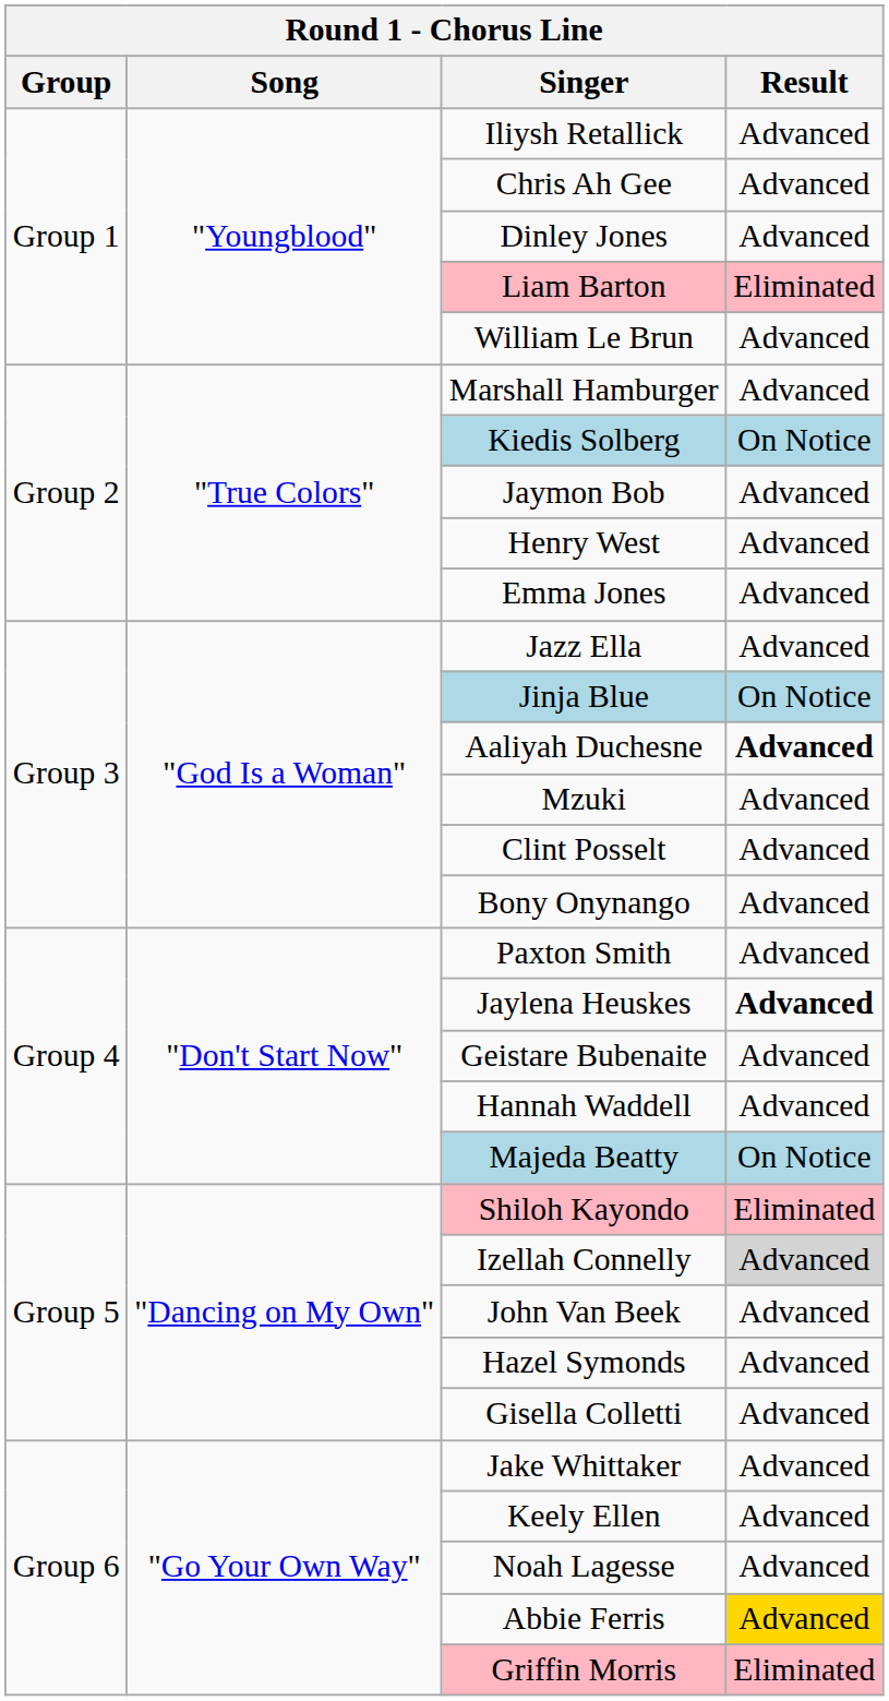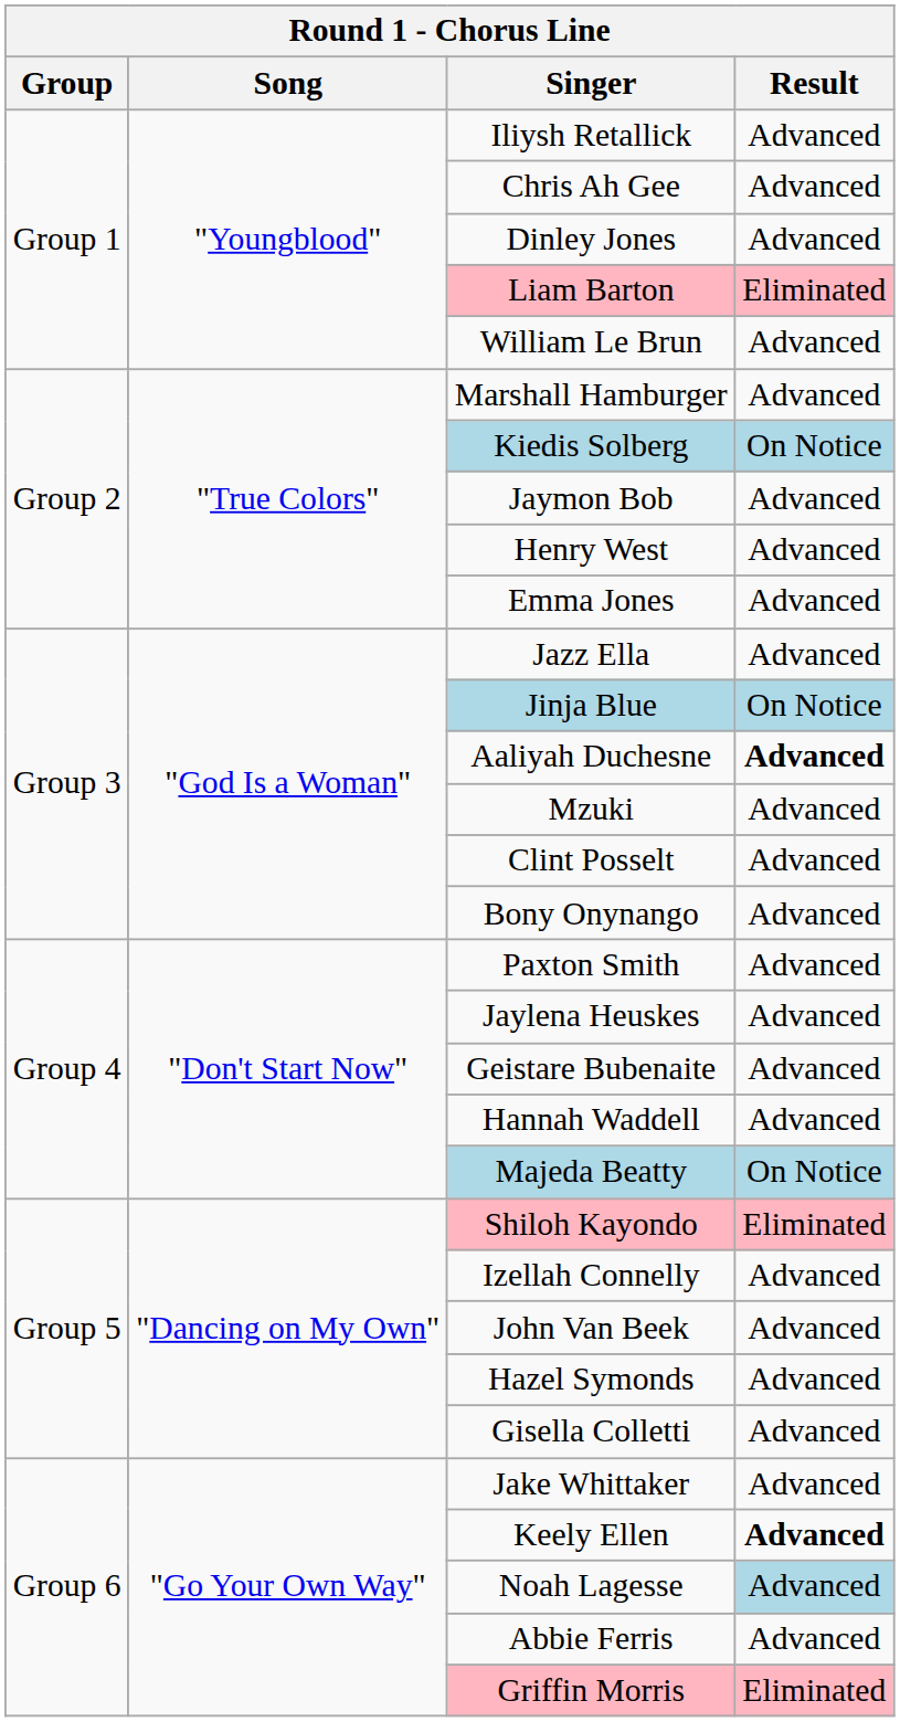 <table class="wikitable plainrowheaders" style="text-align:center;">
 <tr>
 <th colspan=4>Round 1 - Chorus Line</th>
 </tr>
 <tr>
 <th scope="col">Group</th>
 <th scope="col">Song</th>
 <th scope="col">Singer</th>
 <th scope="col">Result</th>
 </tr>
 <tr>
 <td rowspan="5">Group 1</td>
 <td rowspan="5">"<a href='#'>Youngblood</a>"</td>
 <td>Iliysh Retallick</td>
 <td>Advanced</td>
 </tr>
 <tr>
 <td>Chris Ah Gee</td>
 <td>Advanced</td>
 </tr>
 <tr>
 <td>Dinley Jones</td>
 <td>Advanced</td>
 </tr>
 <tr>
 <td style="background-color:lightpink">Liam Barton</td>
 <td style="background-color:lightpink">Eliminated</td>
 </tr>
 <tr>
 <td>William Le Brun</td>
 <td>Advanced</td>
 </tr>
 <tr>
 <td rowspan="5">Group 2</td>
 <td rowspan="5">"<a href='#'>True Colors</a>"</td>
 <td>Marshall Hamburger</td>
 <td>Advanced</td>
 </tr>
 <tr>
 <td style="background-color:lightblue">Kiedis Solberg</td>
 <td style="background-color:lightblue">On Notice</td>
 </tr>
 <tr>
 <td>Jaymon Bob</td>
 <td>Advanced</td>
 </tr>
 <tr>
 <td>Henry West</td>
 <td>Advanced</td>
 </tr>
 <tr>
 <td>Emma Jones</td>
 <td>Advanced</td>
 </tr>
 <tr>
 <td rowspan="6">Group 3</td>
 <td rowspan="6">"<a href='#'>God Is a Woman</a>"</td>
 <td>Jazz Ella</td>
 <td>Advanced</td>
 </tr>
 <tr>
 <td style="background-color:lightblue">Jinja Blue</td>
 <td style="background-color:lightblue">On Notice</td>
 </tr>
 <tr>
 <td>Aaliyah Duchesne</td>
 <td><strong>Advanced</strong></td>
 </tr>
 <tr>
 <td>Mzuki</td>
 <td>Advanced</td>
 </tr>
 <tr>
 <td>Clint Posselt</td>
 <td>Advanced</td>
 </tr>
 <tr>
 <td>Bony Onynango</td>
 <td>Advanced</td>
 </tr>
 <tr>
 <td rowspan="5">Group 4</td>
 <td rowspan="5">"<a href='#'>Don't Start Now</a>"</td>
 <td>Paxton Smith</td>
 <td>Advanced</td>
 </tr>
 <tr>
 <td>Jaylena Heuskes</td>
-<td><strong>Advanced</strong></td>
+<td>Advanced</td>
 </tr>
 <tr>
 <td>Geistare Bubenaite</td>
 <td>Advanced</td>
 </tr>
 <tr>
 <td>Hannah Waddell</td>
 <td>Advanced</td>
 </tr>
 <tr>
 <td style="background-color:lightblue">Majeda Beatty</td>
 <td style="background-color:lightblue">On Notice</td>
 </tr>
 <tr>
 <td rowspan="5">Group 5</td>
 <td rowspan="5">"<a href='#'>Dancing on My Own</a>"</td>
 <td style="background-color:lightpink">Shiloh Kayondo</td>
 <td style="background-color:lightpink">Eliminated</td>
 </tr>
 <tr>
 <td>Izellah Connelly</td>
-<td style="background: lightgrey;">Advanced</td>
+<td>Advanced</td>
 </tr>
 <tr>
 <td>John Van Beek</td>
 <td>Advanced</td>
 </tr>
 <tr>
 <td>Hazel Symonds</td>
 <td>Advanced</td>
 </tr>
 <tr>
 <td>Gisella Colletti</td>
 <td>Advanced</td>
 </tr>
 <tr>
 <td rowspan="5">Group 6</td>
 <td rowspan="5">"<a href='#'>Go Your Own Way</a>"</td>
 <td>Jake Whittaker</td>
 <td>Advanced</td>
 </tr>
 <tr>
 <td>Keely Ellen</td>
-<td>Advanced</td>
+<td><strong>Advanced</strong></td>
 </tr>
 <tr>
 <td>Noah Lagesse</td>
-<td>Advanced</td>
+<td style="background: lightblue;">Advanced</td>
 </tr>
 <tr>
 <td>Abbie Ferris</td>
-<td style="background: gold;">Advanced</td>
+<td>Advanced</td>
 </tr>
 <tr>
 <td style="background-color:lightpink">Griffin Morris</td>
 <td style="background-color:lightpink">Eliminated</td>
 </tr>
 </table>
